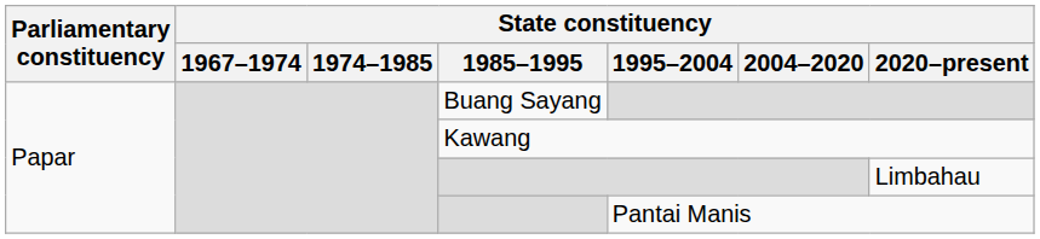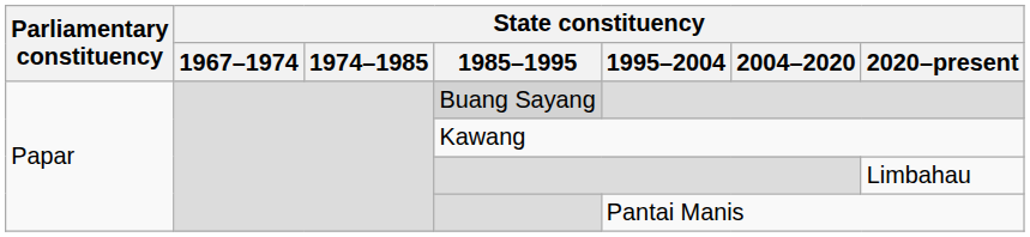 <table class=wikitable>
 <tr>
 <th rowspan=2>Parliamentary<br>constituency</th>
 <th colspan=6>State constituency</th>
 </tr>
 <tr>
 <th>1967–1974</th>
 <th>1974–1985</th>
 <th>1985–1995</th>
 <th>1995–2004</th>
 <th>2004–2020</th>
 <th>2020–present</th>
 </tr>
 <tr>
 <td rowspan=4>Papar</td>
 <td rowspan=4 colspan=2 bgcolor=dcdcdc></td>
-<td>Buang Sayang</td>
+<td style="background: lightgrey;">Buang Sayang</td>
 <td colspan=3 bgcolor=dcdcdc></td>
 </tr>
 <tr>
 <td colspan=4>Kawang</td>
 </tr>
 <tr>
 <td colspan="3" bgcolor="dcdcdc"></td>
 <td>Limbahau</td>
 </tr>
 <tr>
 <td bgcolor=dcdcdc></td>
 <td colspan=3>Pantai Manis</td>
 </tr>
 </table>
